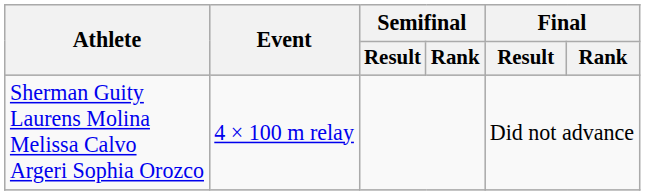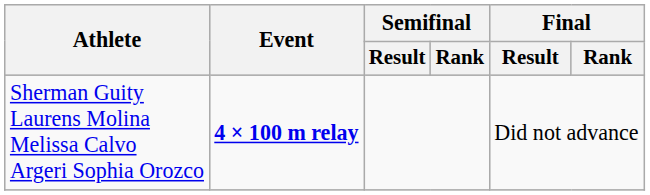 <table class="wikitable" style="font-size:90%">
 <tr>
 <th rowspan="2">Athlete</th>
 <th rowspan="2">Event</th>
 <th colspan="2">Semifinal</th>
 <th colspan="2">Final</th>
 </tr>
 <tr style="font-size:95%">
 <th>Result</th>
 <th>Rank</th>
 <th>Result</th>
 <th>Rank</th>
 </tr>
 <tr align=center>
 <td align=left><a href='#'>Sherman Guity</a><br><a href='#'>Laurens Molina</a><br><a href='#'>Melissa Calvo</a><br><a href='#'>Argeri Sophia Orozco</a></td>
-<td align=left><a href='#'>4 × 100 m relay</a></td>
+<td align=left><strong><a href='#'>4 × 100 m relay</a></strong></td>
 <td colspan=2></td>
 <td colspan=2>Did not advance</td>
 </tr>
 </table>
